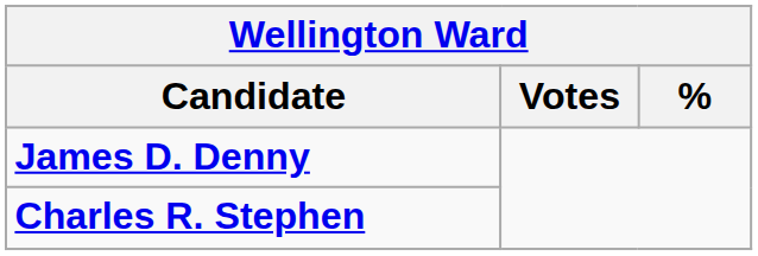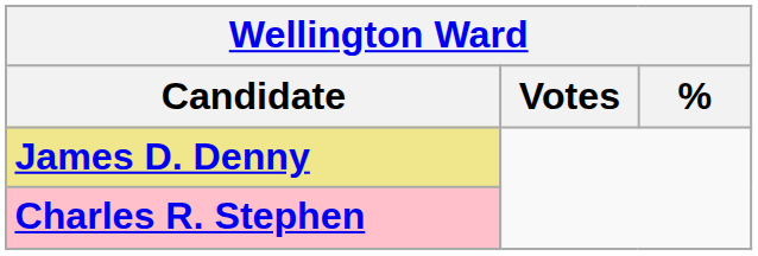 <table class="wikitable">
 <tr>
 <th colspan="3"><a href='#'>Wellington Ward</a></th>
 </tr>
 <tr>
 <th style="width: 200px">Candidate</th>
 <th style="width: 50px">Votes</th>
 <th style="width: 40px">%</th>
 </tr>
 <tr>
-<td><strong><a href='#'>James D. Denny</a></strong></td>
+<td style="background: khaki;"><strong><a href='#'>James D. Denny</a></strong></td>
 </tr>
 <tr>
-<td><strong><a href='#'>Charles R. Stephen</a></strong></td>
+<td style="background: pink;"><strong><a href='#'>Charles R. Stephen</a></strong></td>
 </tr>
 </table>
